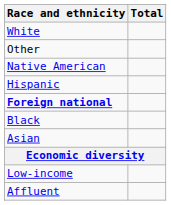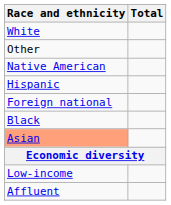 <table class="wikitable floatright sortable collapsible"; text-align:right; font-size:80%;">
 <tr>
 <th>Race and ethnicity</th>
 <th colspan="2" data-sort-type=number>Total</th>
 </tr>
 <tr>
 <td><a href='#'>White</a></td>
 <td align=right></td>
 </tr>
 <tr>
 <td>Other</td>
 <td align=right></td>
 </tr>
 <tr>
 <td><a href='#'>Native American</a></td>
 <td align=right></td>
 </tr>
 <tr>
 <td><a href='#'>Hispanic</a></td>
 <td align=right></td>
 </tr>
 <tr>
-<td><strong><a href='#'>Foreign national</a></strong></td>
+<td><a href='#'>Foreign national</a></td>
 <td align=right></td>
 </tr>
 <tr>
 <td><a href='#'>Black</a></td>
 <td align=right></td>
 </tr>
 <tr>
-<td><a href='#'>Asian</a></td>
+<td style="background: lightsalmon;"><a href='#'>Asian</a></td>
 <td align=right></td>
 </tr>
 <tr>
 <th colspan="4" data-sort-type=number><a href='#'>Economic diversity</a></th>
 </tr>
 <tr>
 <td><a href='#'>Low-income</a></td>
 <td align=right></td>
 </tr>
 <tr>
 <td><a href='#'>Affluent</a></td>
 <td align=right></td>
 </tr>
 </table>
